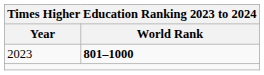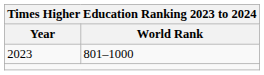 <table class="wikitable">
 <tr>
 <th colspan="2"><strong>Times Higher Education Ranking 2023 to 2024</strong></th>
 </tr>
 <tr>
 <th>Year</th>
 <th>World Rank</th>
 </tr>
 <tr>
 <td>2023</td>
-<td><strong>801–1000</strong></td>
+<td>801–1000</td>
 </tr>
 <tr>
 <td colspan="2"></td>
 </tr>
 </table>
